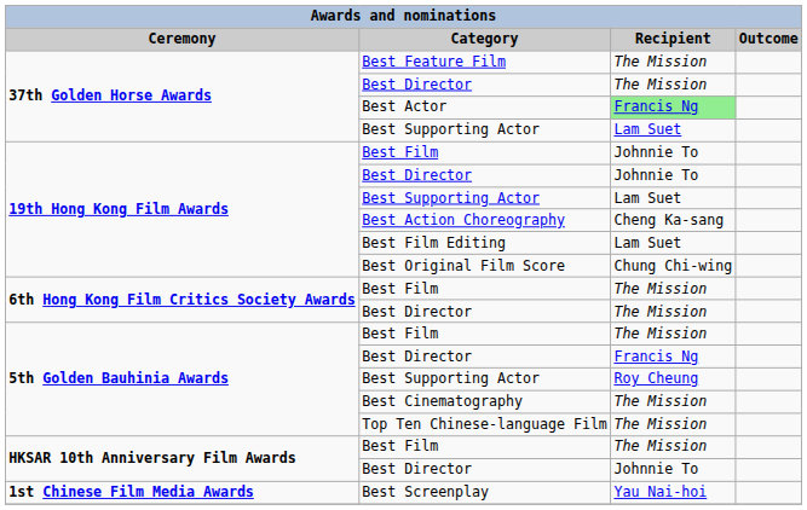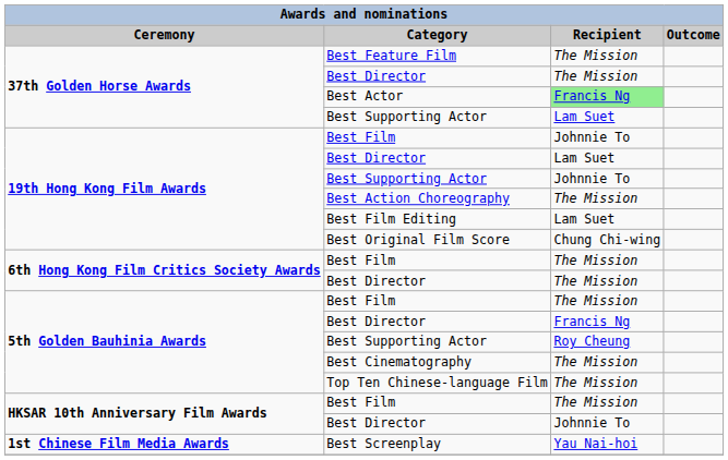 <table class="wikitable" style="font-size:95%;" ;>
 <tr style="background:#ccc; text-align:center;">
 <th colspan="4" style="background: LightSteelBlue;">Awards and nominations</th>
 </tr>
 <tr style="background:#ccc; text-align:center;">
 <th style="background:#ccc">Ceremony</th>
 <th style="background:#ccc">Category</th>
 <th style="background:#ccc">Recipient</th>
 <th style="background:#ccc">Outcome</th>
 </tr>
 <tr>
 <td rowspan=4><strong>37th <a href='#'>Golden Horse Awards</a></strong></td>
 <td><a href='#'>Best Feature Film</a></td>
 <td><em>The Mission</em></td>
 <td></td>
 </tr>
 <tr>
 <td><a href='#'>Best Director</a></td>
 <td><em>The Mission</em></td>
 <td></td>
 </tr>
 <tr>
 <td>Best Actor</td>
 <td style="background: lightgreen;"><a href='#'>Francis Ng</a></td>
 <td></td>
 </tr>
 <tr>
 <td>Best Supporting Actor</td>
 <td><a href='#'>Lam Suet</a></td>
 <td></td>
 </tr>
 <tr>
 <td rowspan=6><strong><a href='#'>19th Hong Kong Film Awards</a></strong></td>
 <td><a href='#'>Best Film</a></td>
 <td>Johnnie To</td>
 <td></td>
 </tr>
 <tr>
 <td><a href='#'>Best Director</a></td>
+<td>Lam Suet</td>
+<td></td>
+</tr>
+<tr>
+<td><a href='#'>Best Supporting Actor</a></td>
 <td>Johnnie To</td>
 <td></td>
 </tr>
 <tr>
-<td><a href='#'>Best Supporting Actor</a></td>
-<td>Lam Suet</td>
-<td></td>
-</tr>
-<tr>
 <td><a href='#'>Best Action Choreography</a></td>
-<td>Cheng Ka-sang</td>
+<td><em>The Mission</em></td>
 <td></td>
 </tr>
 <tr>
 <td>Best Film Editing</td>
 <td>Lam Suet</td>
 <td></td>
 </tr>
 <tr>
 <td>Best Original Film Score</td>
 <td>Chung Chi-wing</td>
 <td></td>
 </tr>
 <tr>
 <td rowspan=2><strong>6th <a href='#'>Hong Kong Film Critics Society Awards</a></strong></td>
 <td>Best Film</td>
 <td><em>The Mission</em></td>
 <td></td>
 </tr>
 <tr>
 <td>Best Director</td>
 <td><em>The Mission</em></td>
 <td></td>
 </tr>
 <tr>
 <td rowspan=5><strong>5th <a href='#'>Golden Bauhinia Awards</a></strong></td>
 <td>Best Film</td>
 <td><em>The Mission</em></td>
 <td></td>
 </tr>
 <tr>
 <td>Best Director</td>
 <td><a href='#'>Francis Ng</a></td>
 <td></td>
 </tr>
 <tr>
 <td>Best Supporting Actor</td>
 <td><a href='#'>Roy Cheung</a></td>
 <td></td>
 </tr>
 <tr>
 <td>Best Cinematography</td>
 <td><em>The Mission</em></td>
 <td></td>
 </tr>
 <tr>
 <td>Top Ten Chinese-language Film</td>
 <td><em>The Mission</em></td>
 <td></td>
 </tr>
 <tr>
 <td rowspan=2><strong>HKSAR 10th Anniversary Film Awards</strong></td>
 <td>Best Film</td>
 <td><em>The Mission</em></td>
 <td></td>
 </tr>
 <tr>
 <td>Best Director</td>
 <td>Johnnie To</td>
 <td></td>
 </tr>
 <tr>
 <td><strong>1st <a href='#'>Chinese Film Media Awards</a></strong></td>
 <td>Best Screenplay</td>
 <td><a href='#'>Yau Nai-hoi</a></td>
 <td></td>
 </tr>
 <tr>
 </tr>
 </table>
